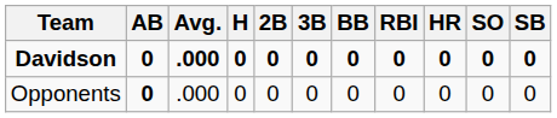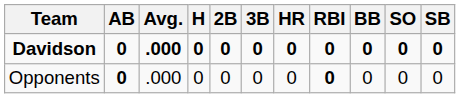 <table class="wikitable sortable">
 <tr>
 <th>Team</th>
 <th>AB</th>
 <th>Avg.</th>
 <th>H</th>
 <th>2B</th>
 <th>3B</th>
+<th>HR</th>
+<th>RBI</th>
 <th>BB</th>
-<th>RBI</th>
-<th>HR</th>
 <th>SO</th>
 <th>SB</th>
 </tr>
 <tr style="text-align:center;">
 <td><strong>Davidson</strong></td>
 <td><strong>0</strong></td>
 <td><strong>.000</strong></td>
 <td><strong>0</strong></td>
 <td><strong>0</strong></td>
 <td><strong>0</strong></td>
 <td><strong>0</strong></td>
 <td><strong>0</strong></td>
 <td><strong>0</strong></td>
 <td><strong>0</strong></td>
 <td><strong>0</strong></td>
 </tr>
 <tr style="text-align:center;">
 <td>Opponents</td>
 <td><strong>0</strong></td>
 <td>.000</td>
 <td>0</td>
 <td>0</td>
 <td>0</td>
 <td>0</td>
-<td>0</td>
+<td><strong>0</strong></td>
 <td>0</td>
 <td>0</td>
 <td>0</td>
 </tr>
 </table>
